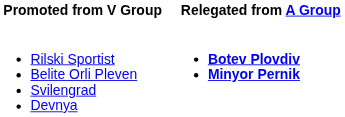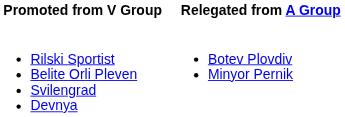 <table>
 <tr>
 <th>  <strong>Promoted from V Group</strong>  </th>
 <th>  <strong>Relegated from <a href='#'>A Group</a></strong>  </th>
 </tr>
 <tr style = "vertical-align: top;">
 <td><br><ul><li><a href='#'>Rilski Sportist</a></li><li><a href='#'>Belite Orli Pleven</a></li><li><a href='#'>Svilengrad</a></li><li><a href='#'>Devnya</a></li></ul></td>
-<td><strong><br><ul><li><a href='#'>Botev Plovdiv</a></li><li><a href='#'>Minyor Pernik</a></li></ul></strong></td>
+<td><br><ul><li><a href='#'>Botev Plovdiv</a></li><li><a href='#'>Minyor Pernik</a></li></ul></td>
 </tr>
 </table>
